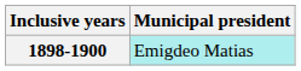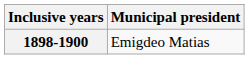 <table class="wikitable collapsible autocollapse" style="font-size:95%">
 <tr>
 <th scope="col">Inclusive years</th>
 <th scope="col">Municipal president</th>
 </tr>
 <tr>
 <th scope="row">1898-1900</th>
-<td style="background: paleturquoise;">Emigdeo Matias  </td>
+<td>Emigdeo Matias  </td>
 </tr>
 </table>
